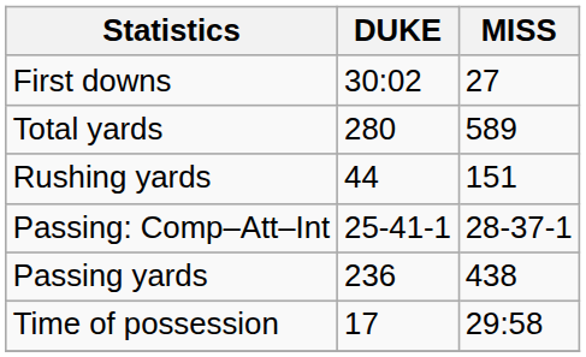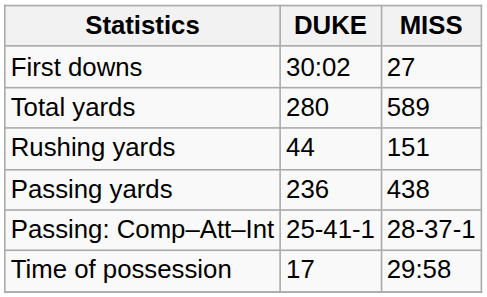 <table class="wikitable" style="float: left;">
 <tr>
 <th>Statistics</th>
 <th>DUKE</th>
 <th>MISS</th>
 </tr>
 <tr>
 <td>First downs</td>
 <td>30:02</td>
 <td>27</td>
 </tr>
 <tr>
 <td>Total yards</td>
 <td>280</td>
 <td>589</td>
 </tr>
 <tr>
 <td>Rushing yards</td>
 <td>44</td>
 <td>151</td>
 </tr>
 <tr>
+<td>Passing yards</td>
+<td>236</td>
+<td>438</td>
+</tr>
+<tr>
 <td>Passing: Comp–Att–Int</td>
 <td>25-41-1</td>
 <td>28-37-1</td>
-</tr>
-<tr>
-<td>Passing yards</td>
-<td>236</td>
-<td>438</td>
 </tr>
 <tr>
 <td>Time of possession</td>
 <td>17</td>
 <td>29:58</td>
 </tr>
 <tr>
 </tr>
 </table>
